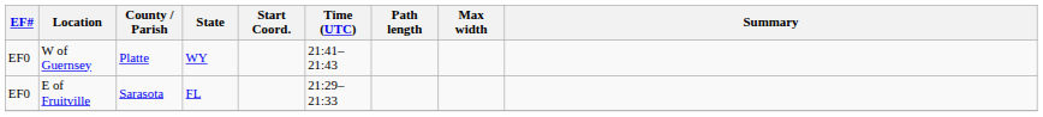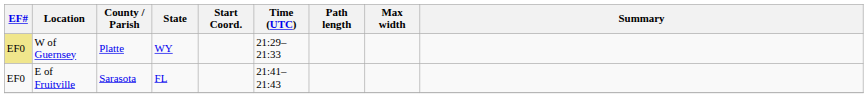 <table class="wikitable sortable" style="width:100%;">
 <tr>
 <th scope="col"  style="width:3%; text-align:center;"><a href='#'>EF#</a></th>
 <th scope="col"  style="width:7%; text-align:center;" class="unsortable">Location</th>
 <th scope="col"  style="width:6%; text-align:center;" class="unsortable">County / Parish</th>
 <th scope="col"  style="width:5%; text-align:center;">State</th>
 <th scope="col"  style="width:6%; text-align:center;">Start Coord.</th>
 <th scope="col"  style="width:6%; text-align:center;">Time (<a href='#'>UTC</a>)</th>
 <th scope="col"  style="width:6%; text-align:center;">Path length</th>
 <th scope="col"  style="width:6%; text-align:center;">Max width</th>
 <th scope="col" class="unsortable" style="width:48%; text-align:center;">Summary</th>
 </tr>
 <tr>
-<td>EF0</td>
+<td style="background: khaki;">EF0</td>
 <td>W of <a href='#'>Guernsey</a></td>
 <td><a href='#'>Platte</a></td>
 <td><a href='#'>WY</a></td>
 <td></td>
-<td>21:41–21:43</td>
+<td>21:29–21:33</td>
 <td></td>
 <td></td>
 <td></td>
 </tr>
 <tr>
 <td>EF0</td>
 <td>E of <a href='#'>Fruitville</a></td>
 <td><a href='#'>Sarasota</a></td>
 <td><a href='#'>FL</a></td>
 <td></td>
-<td>21:29–21:33</td>
+<td>21:41–21:43</td>
 <td></td>
 <td></td>
 <td></td>
 </tr>
 <tr>
 </tr>
 </table>
